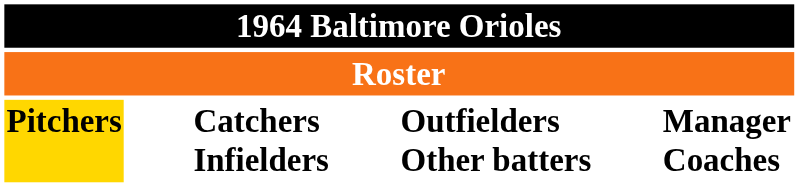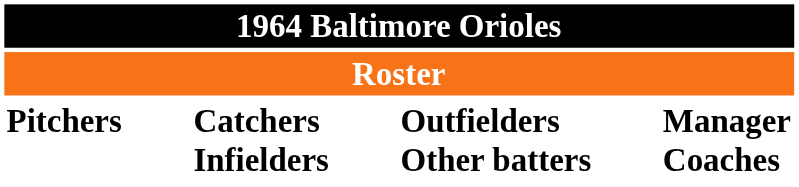 <table class="toccolours" style="font-size: 95%;">
 <tr>
 <th colspan="10" style="background-color: black; color: white; text-align: center;">1964 Baltimore Orioles</th>
 </tr>
 <tr>
 <td colspan="10" style="background-color: #F87217; color: white; text-align: center;"><strong>Roster</strong></td>
 </tr>
 <tr>
-<td valign="top" style="background: gold;"><strong>Pitchers</strong><br>               </td>
+<td valign="top"><strong>Pitchers</strong><br>               </td>
 <td width="25px"></td>
 <td valign="top"><strong>Catchers</strong><br>   <strong>Infielders</strong>      </td>
 <td width="25px"></td>
 <td valign="top"><strong>Outfielders</strong><br>           <strong>Other batters</strong> </td>
 <td width="25px"></td>
 <td valign="top"><strong>Manager</strong><br> <strong>Coaches</strong>    </td>
 </tr>
 <tr>
 </tr>
 </table>
